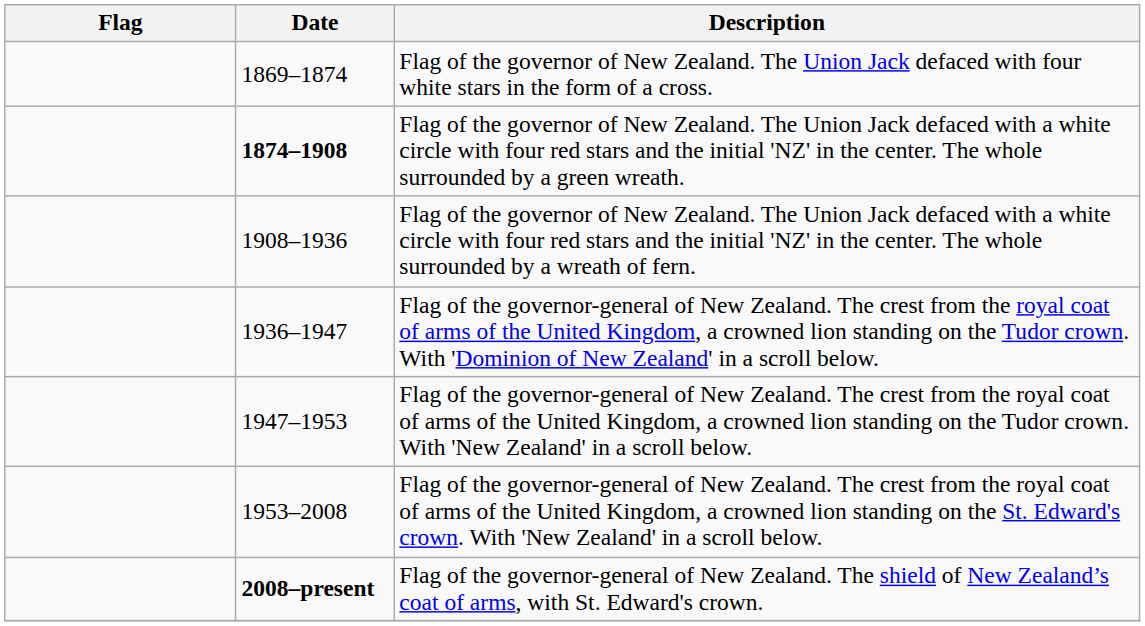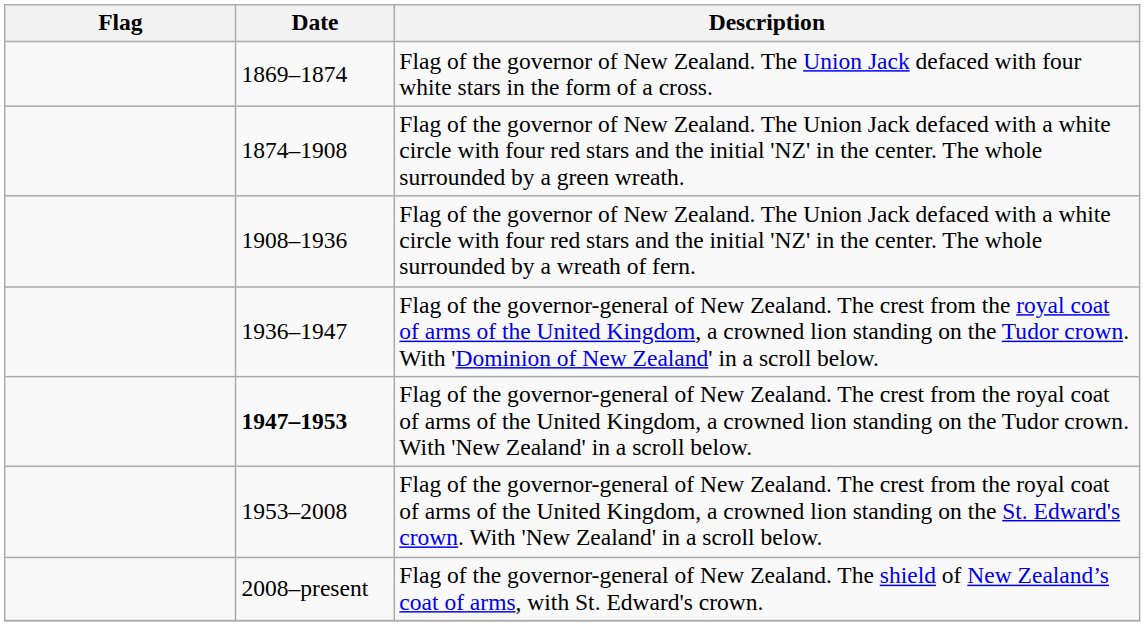 <table class="wikitable">
 <tr>
 <th scope="col" style="width:150px;">Flag</th>
 <th scope="col" style="width:100px;">Date</th>
 <th scope="col" style="width:500px;">Description</th>
 </tr>
 <tr>
 <td></td>
 <td>1869–1874</td>
 <td>Flag of the governor of New Zealand. The <a href='#'>Union Jack</a> defaced with four white stars in the form of a cross.</td>
 </tr>
 <tr>
 <td></td>
-<td><strong>1874–1908</strong></td>
+<td>1874–1908</td>
 <td>Flag of the governor of New Zealand. The Union Jack defaced with a white circle with four red stars and the initial 'NZ' in the center. The whole surrounded by a green wreath.</td>
 </tr>
 <tr>
 <td></td>
 <td>1908–1936</td>
 <td>Flag of the governor of New Zealand. The Union Jack defaced with a white circle with four red stars and the initial 'NZ' in the center. The whole surrounded by a wreath of fern.</td>
 </tr>
 <tr>
 <td></td>
 <td>1936–1947</td>
 <td>Flag of the governor-general of New Zealand. The crest from the <a href='#'>royal coat of arms of the United Kingdom</a>, a crowned lion standing on the <a href='#'>Tudor crown</a>. With '<a href='#'>Dominion of New Zealand</a>' in a scroll below.</td>
 </tr>
 <tr>
 <td></td>
-<td>1947–1953</td>
+<td><strong>1947–1953</strong></td>
 <td>Flag of the governor-general of New Zealand. The crest from the royal coat of arms of the United Kingdom, a crowned lion standing on the Tudor crown. With 'New Zealand' in a scroll below.</td>
 </tr>
 <tr>
 <td></td>
 <td>1953–2008</td>
 <td>Flag of the governor-general of New Zealand. The crest from the royal coat of arms of the United Kingdom, a crowned lion standing on the <a href='#'>St. Edward's crown</a>. With 'New Zealand' in a scroll below.</td>
 </tr>
 <tr>
 <td></td>
-<td><strong>2008–present</strong></td>
+<td>2008–present</td>
 <td>Flag of the governor-general of New Zealand. The <a href='#'>shield</a> of <a href='#'>New Zealand’s coat of arms</a>, with St. Edward's crown.</td>
 </tr>
 <tr>
 </tr>
 </table>
